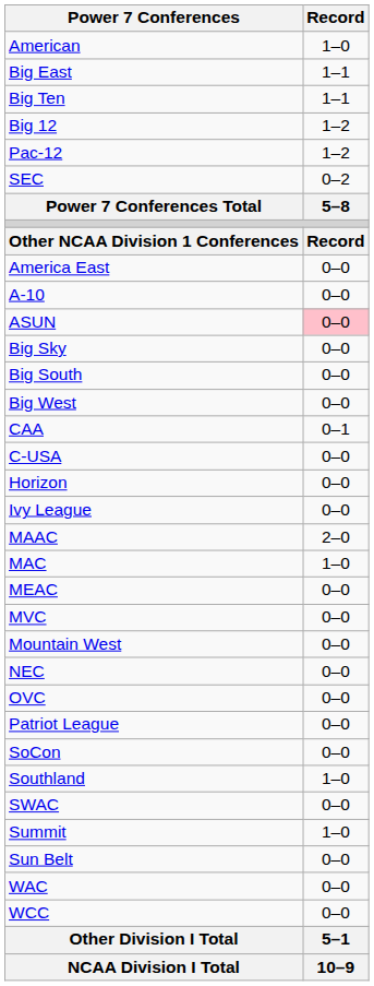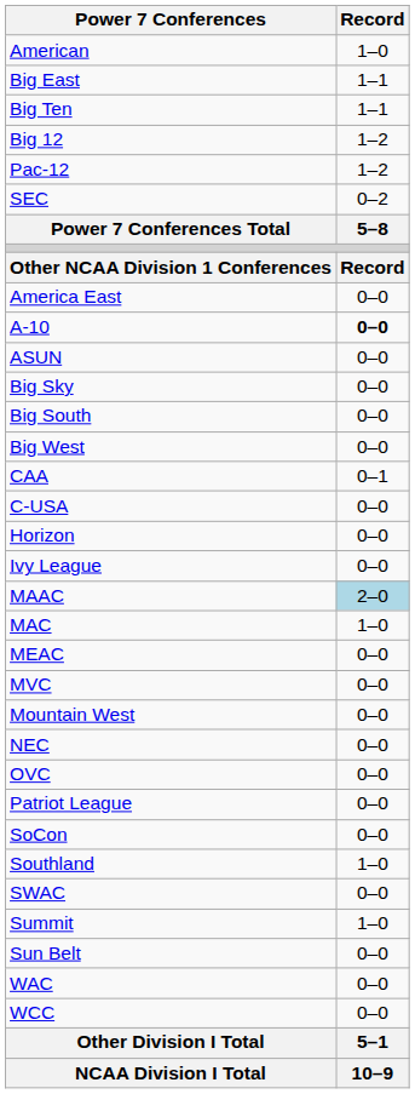 <table class="wikitable">
 <tr>
 <th>Power 7 Conferences</th>
 <th>Record</th>
 </tr>
 <tr>
 <td><a href='#'>American</a></td>
 <td align=center>1–0</td>
 </tr>
 <tr>
 <td><a href='#'>Big East</a></td>
 <td align=center>1–1</td>
 </tr>
 <tr>
 <td><a href='#'>Big Ten</a></td>
 <td align=center>1–1</td>
 </tr>
 <tr>
 <td><a href='#'>Big 12</a></td>
 <td align=center>1–2</td>
 </tr>
 <tr>
 <td><a href='#'>Pac-12</a></td>
 <td align=center>1–2</td>
 </tr>
 <tr>
 <td><a href='#'>SEC</a></td>
 <td align=center>0–2</td>
 </tr>
 <tr>
 <th>Power 7 Conferences Total</th>
 <th>5–8</th>
 </tr>
 <tr>
 <th colspan="2" style="background:lightgrey;"></th>
 </tr>
 <tr>
 <th>Other NCAA Division 1 Conferences</th>
 <th>Record</th>
 </tr>
 <tr>
 <td><a href='#'>America East</a></td>
 <td align=center>0–0</td>
 </tr>
 <tr>
 <td><a href='#'>A-10</a></td>
-<td align=center>0–0</td>
+<td align=center><strong>0–0</strong></td>
 </tr>
 <tr>
 <td><a href='#'>ASUN</a></td>
-<td align=center style="background: pink;">0–0</td>
+<td align=center>0–0</td>
 </tr>
 <tr>
 <td><a href='#'>Big Sky</a></td>
 <td align=center>0–0</td>
 </tr>
 <tr>
 <td><a href='#'>Big South</a></td>
 <td align=center>0–0</td>
 </tr>
 <tr>
 <td><a href='#'>Big West</a></td>
 <td align=center>0–0</td>
 </tr>
 <tr>
 <td><a href='#'>CAA</a></td>
 <td align=center>0–1</td>
 </tr>
 <tr>
 <td><a href='#'>C-USA</a></td>
 <td align=center>0–0</td>
 </tr>
 <tr>
 <td><a href='#'>Horizon</a></td>
 <td align=center>0–0</td>
 </tr>
 <tr>
 <td><a href='#'>Ivy League</a></td>
 <td align=center>0–0</td>
 </tr>
 <tr>
 <td><a href='#'>MAAC</a></td>
-<td align=center>2–0</td>
+<td align=center style="background: lightblue;">2–0</td>
 </tr>
 <tr>
 <td><a href='#'>MAC</a></td>
 <td align=center>1–0</td>
 </tr>
 <tr>
 <td><a href='#'>MEAC</a></td>
 <td align=center>0–0</td>
 </tr>
 <tr>
 <td><a href='#'>MVC</a></td>
 <td align=center>0–0</td>
 </tr>
 <tr>
 <td><a href='#'>Mountain West</a></td>
 <td align=center>0–0</td>
 </tr>
 <tr>
 <td><a href='#'>NEC</a></td>
 <td align=center>0–0</td>
 </tr>
 <tr>
 <td><a href='#'>OVC</a></td>
 <td align=center>0–0</td>
 </tr>
 <tr>
 <td><a href='#'>Patriot League</a></td>
 <td align=center>0–0</td>
 </tr>
 <tr>
 <td><a href='#'>SoCon</a></td>
 <td align=center>0–0</td>
 </tr>
 <tr>
 <td><a href='#'>Southland</a></td>
 <td align=center>1–0</td>
 </tr>
 <tr>
 <td><a href='#'>SWAC</a></td>
 <td align=center>0–0</td>
 </tr>
 <tr>
 <td><a href='#'>Summit</a></td>
 <td align=center>1–0</td>
 </tr>
 <tr>
 <td><a href='#'>Sun Belt</a></td>
 <td align=center>0–0</td>
 </tr>
 <tr>
 <td><a href='#'>WAC</a></td>
 <td align=center>0–0</td>
 </tr>
 <tr>
 <td><a href='#'>WCC</a></td>
 <td align=center>0–0</td>
 </tr>
 <tr>
 <th>Other Division I Total</th>
 <th>5–1</th>
 </tr>
 <tr>
 <th>NCAA Division I Total</th>
 <th>10–9</th>
 </tr>
 </table>
